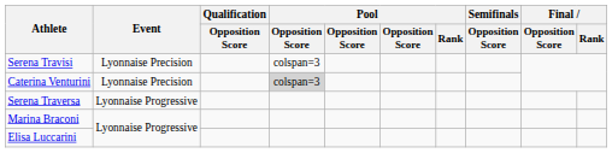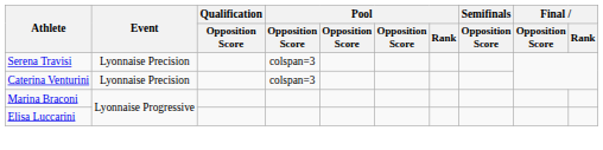 <table class=wikitable style="font-size:90%">
 <tr>
 <th rowspan="2">Athlete</th>
 <th rowspan="2">Event</th>
 <th colspan=>Qualification</th>
 <th colspan="4">Pool</th>
 <th>Semifinals</th>
 <th colspan="2">Final / </th>
 </tr>
 <tr style="font-size:95%">
 <th>Opposition<br>Score</th>
 <th>Opposition<br>Score</th>
 <th>Opposition<br>Score</th>
 <th>Opposition<br>Score</th>
 <th>Rank</th>
 <th>Opposition<br>Score</th>
 <th>Opposition<br>Score</th>
 <th>Rank</th>
 </tr>
 <tr align=center>
 <td align=left><a href='#'>Serena Travisi</a></td>
 <td>Lyonnaise Precision</td>
 <td></td>
 <td>colspan=3 </td>
 <td></td>
 <td></td>
 <td></td>
 <td></td>
 </tr>
 <tr align=center>
 <td align=left><a href='#'>Caterina Venturini</a></td>
 <td>Lyonnaise Precision</td>
 <td></td>
-<td style="background: lightgrey;">colspan=3 </td>
-<td></td>
-<td></td>
-<td></td>
-<td></td>
-</tr>
-<tr align=center>
-<td align=left><a href='#'>Serena Traversa</a></td>
-<td>Lyonnaise Progressive</td>
-<td></td>
-<td></td>
-<td></td>
-<td></td>
+<td>colspan=3 </td>
 <td></td>
 <td></td>
 <td></td>
 <td></td>
 </tr>
 <tr align=center>
 <td align=left><a href='#'>Marina Braconi</a></td>
 <td rowspan=2>Lyonnaise Progressive</td>
 <td></td>
 <td></td>
 <td></td>
 <td></td>
 <td></td>
 <td></td>
 <td></td>
 <td></td>
 </tr>
 <tr align=center>
 <td align=left><a href='#'>Elisa Luccarini</a></td>
 <td></td>
 <td></td>
 <td></td>
 <td></td>
 <td></td>
 <td></td>
 <td></td>
 <td></td>
 </tr>
 </table>
